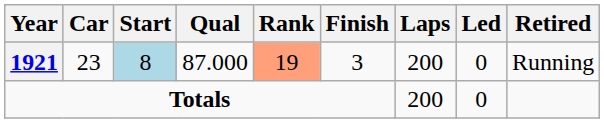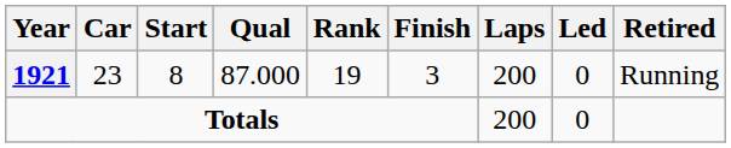 <table class="wikitable" style="text-align:center">
 <tr>
 <th>Year</th>
 <th>Car</th>
 <th>Start</th>
 <th>Qual</th>
 <th>Rank</th>
 <th>Finish</th>
 <th>Laps</th>
 <th>Led</th>
 <th>Retired</th>
 </tr>
 <tr>
 <th><a href='#'>1921</a></th>
 <td>23</td>
-<td style="background: lightblue;">8</td>
+<td>8</td>
 <td>87.000</td>
-<td style="background: lightsalmon;">19</td>
+<td>19</td>
 <td>3</td>
 <td>200</td>
 <td>0</td>
 <td>Running</td>
 </tr>
 <tr>
 <td colspan=6><strong>Totals</strong></td>
 <td>200</td>
 <td>0</td>
 <td></td>
 </tr>
 </table>
